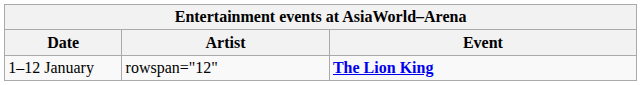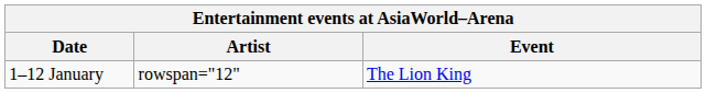 <table class="wikitable">
 <tr>
 <th colspan="3">Entertainment events at AsiaWorld–Arena</th>
 </tr>
 <tr>
 <th width=110>Date</th>
 <th width=200>Artist</th>
 <th width=300>Event</th>
 </tr>
 <tr>
 <td>1–12 January</td>
 <td>rowspan="12"  </td>
-<td><strong><a href='#'>The Lion King</a></strong></td>
+<td><a href='#'>The Lion King</a></td>
 </tr>
 </table>
